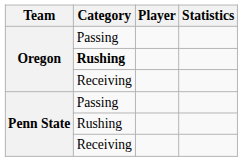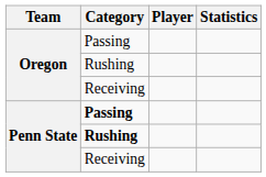 <table class="wikitable" style="float:right">
 <tr>
 <th>Team</th>
 <th>Category</th>
 <th>Player</th>
 <th>Statistics</th>
 </tr>
 <tr>
 <th rowspan=3>Oregon</th>
 <td>Passing</td>
 <td></td>
 <td></td>
 </tr>
 <tr>
-<td><strong>Rushing</strong></td>
+<td>Rushing</td>
 <td></td>
 <td></td>
 </tr>
 <tr>
 <td>Receiving</td>
 <td></td>
 <td></td>
 </tr>
 <tr>
 <th rowspan=3>Penn State</th>
-<td>Passing</td>
+<td><strong>Passing</strong></td>
 <td></td>
 <td></td>
 </tr>
 <tr>
-<td>Rushing</td>
+<td><strong>Rushing</strong></td>
 <td></td>
 <td></td>
 </tr>
 <tr>
 <td>Receiving</td>
 <td></td>
 <td></td>
 </tr>
 </table>
